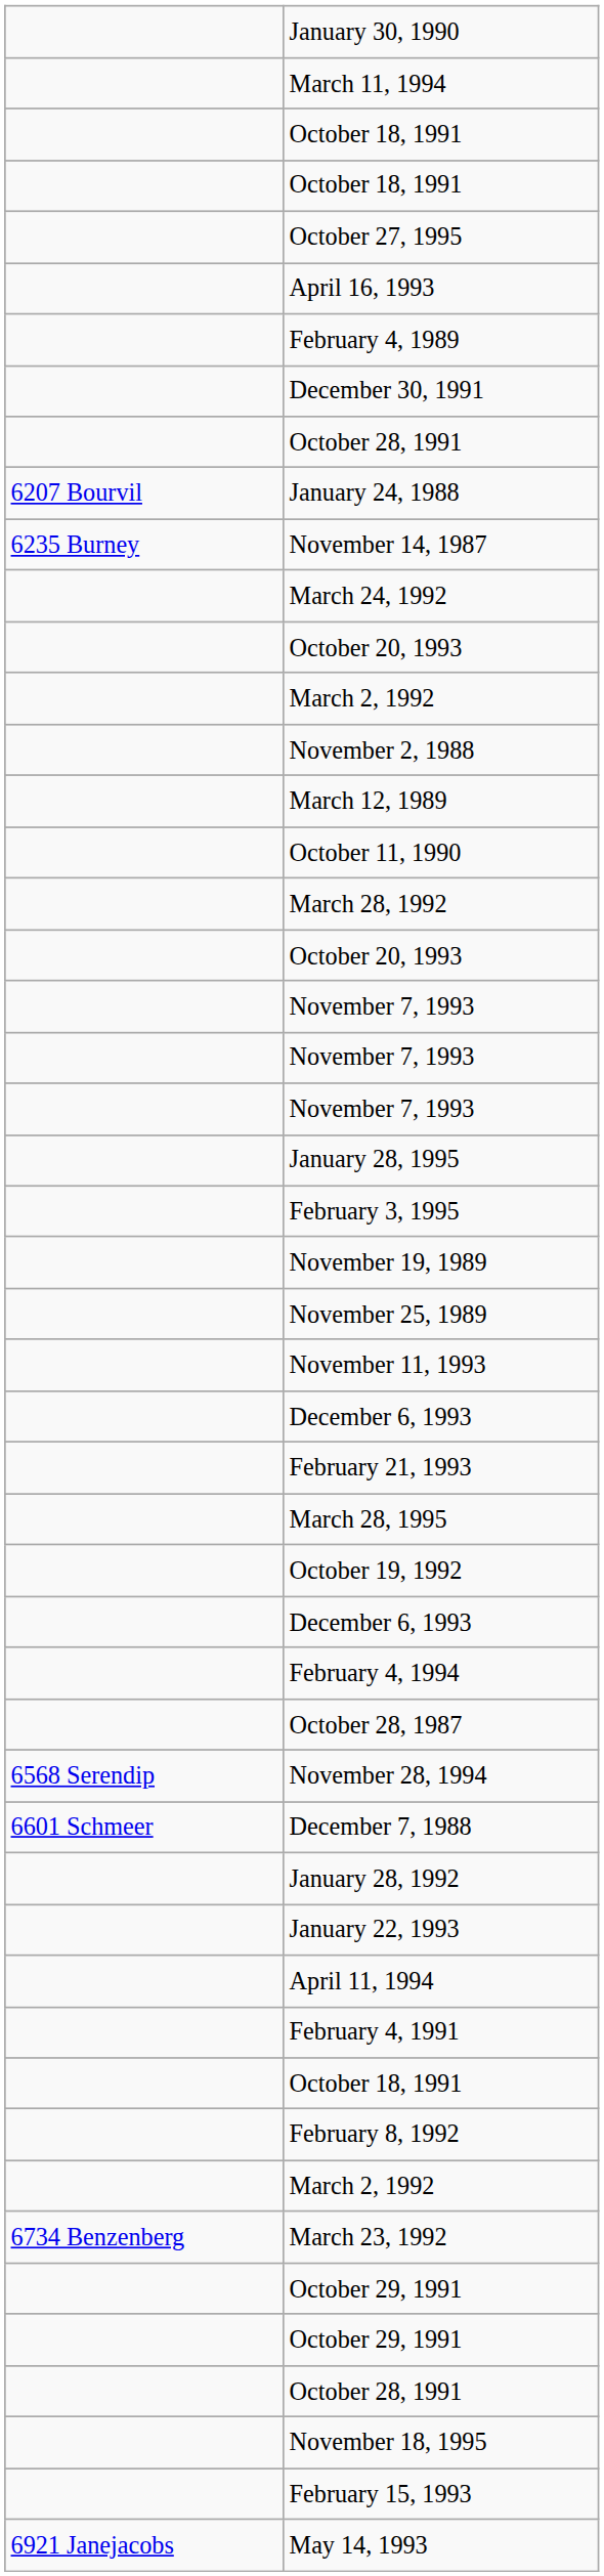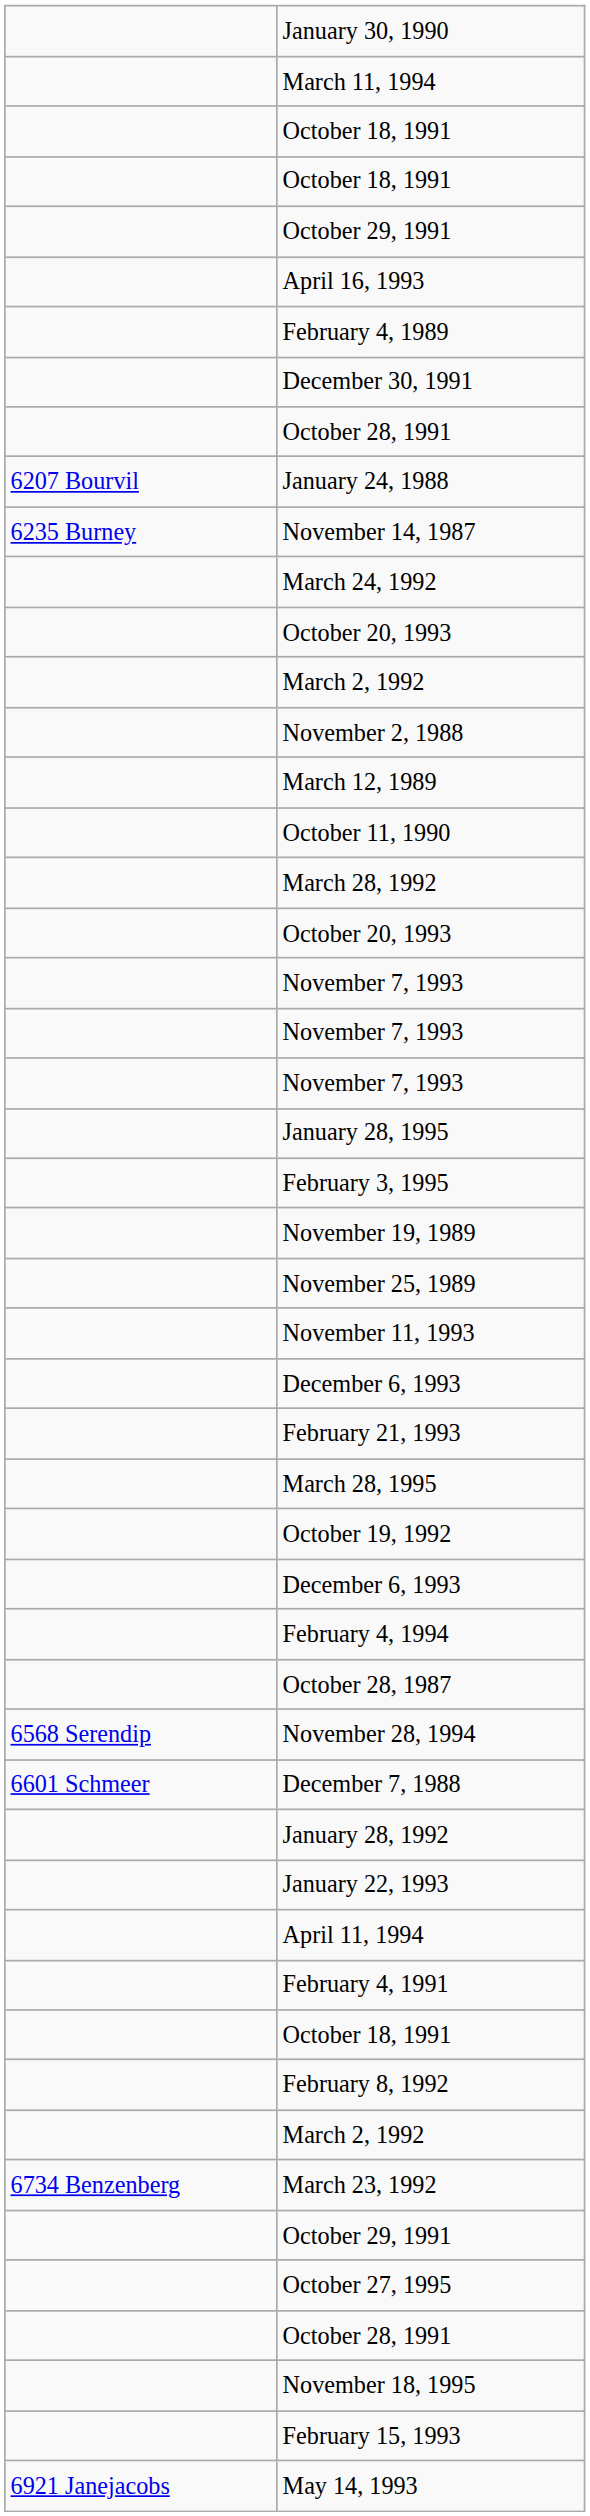 <table class="wikitable" style="font-size: 89%; float: left; width: 24em; margin-right: 1em; line-height: 1.6em !important;  height: 1250px;">
 <tr>
 <td></td>
 <td>January 30, 1990</td>
 </tr>
 <tr>
 <td></td>
 <td>March 11, 1994</td>
 </tr>
 <tr>
 <td></td>
 <td>October 18, 1991</td>
 </tr>
 <tr>
 <td></td>
 <td>October 18, 1991</td>
 </tr>
 <tr>
 <td></td>
-<td>October 27, 1995</td>
+<td>October 29, 1991</td>
 </tr>
 <tr>
 <td></td>
 <td>April 16, 1993</td>
 </tr>
 <tr>
 <td></td>
 <td>February 4, 1989</td>
 </tr>
 <tr>
 <td></td>
 <td>December 30, 1991</td>
 </tr>
 <tr>
 <td></td>
 <td>October 28, 1991</td>
 </tr>
 <tr>
 <td><a href='#'>6207 Bourvil</a></td>
 <td>January 24, 1988</td>
 </tr>
 <tr>
 <td><a href='#'>6235 Burney</a></td>
 <td>November 14, 1987</td>
 </tr>
 <tr>
 <td></td>
 <td>March 24, 1992</td>
 </tr>
 <tr>
 <td></td>
 <td>October 20, 1993</td>
 </tr>
 <tr>
 <td></td>
 <td>March 2, 1992</td>
 </tr>
 <tr>
 <td></td>
 <td>November 2, 1988</td>
 </tr>
 <tr>
 <td></td>
 <td>March 12, 1989</td>
 </tr>
 <tr>
 <td></td>
 <td>October 11, 1990</td>
 </tr>
 <tr>
 <td></td>
 <td>March 28, 1992</td>
 </tr>
 <tr>
 <td></td>
 <td>October 20, 1993</td>
 </tr>
 <tr>
 <td></td>
 <td>November 7, 1993</td>
 </tr>
 <tr>
 <td></td>
 <td>November 7, 1993</td>
 </tr>
 <tr>
 <td></td>
 <td>November 7, 1993</td>
 </tr>
 <tr>
 <td></td>
 <td>January 28, 1995</td>
 </tr>
 <tr>
 <td></td>
 <td>February 3, 1995</td>
 </tr>
 <tr>
 <td></td>
 <td>November 19, 1989</td>
 </tr>
 <tr>
 <td></td>
 <td>November 25, 1989</td>
 </tr>
 <tr>
 <td></td>
 <td>November 11, 1993</td>
 </tr>
 <tr>
 <td></td>
 <td>December 6, 1993</td>
 </tr>
 <tr>
 <td></td>
 <td>February 21, 1993</td>
 </tr>
 <tr>
 <td></td>
 <td>March 28, 1995</td>
 </tr>
 <tr>
 <td></td>
 <td>October 19, 1992</td>
 </tr>
 <tr>
 <td></td>
 <td>December 6, 1993</td>
 </tr>
 <tr>
 <td></td>
 <td>February 4, 1994</td>
 </tr>
 <tr>
 <td></td>
 <td>October 28, 1987</td>
 </tr>
 <tr>
 <td><a href='#'>6568 Serendip</a></td>
 <td>November 28, 1994</td>
 </tr>
 <tr>
 <td><a href='#'>6601 Schmeer</a></td>
 <td>December 7, 1988</td>
 </tr>
 <tr>
 <td></td>
 <td>January 28, 1992</td>
 </tr>
 <tr>
 <td></td>
 <td>January 22, 1993</td>
 </tr>
 <tr>
 <td></td>
 <td>April 11, 1994</td>
 </tr>
 <tr>
 <td></td>
 <td>February 4, 1991</td>
 </tr>
 <tr>
 <td></td>
 <td>October 18, 1991</td>
 </tr>
 <tr>
 <td></td>
 <td>February 8, 1992</td>
 </tr>
 <tr>
 <td></td>
 <td>March 2, 1992</td>
 </tr>
 <tr>
 <td><a href='#'>6734 Benzenberg</a></td>
 <td>March 23, 1992</td>
 </tr>
 <tr>
 <td></td>
 <td>October 29, 1991</td>
 </tr>
 <tr>
 <td></td>
-<td>October 29, 1991</td>
+<td>October 27, 1995</td>
 </tr>
 <tr>
 <td></td>
 <td>October 28, 1991</td>
 </tr>
 <tr>
 <td></td>
 <td>November 18, 1995</td>
 </tr>
 <tr>
 <td></td>
 <td>February 15, 1993</td>
 </tr>
 <tr>
 <td><a href='#'>6921 Janejacobs</a></td>
 <td>May 14, 1993</td>
 </tr>
 </table>
